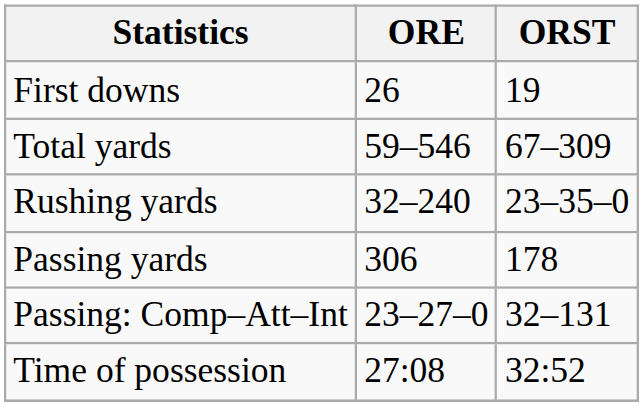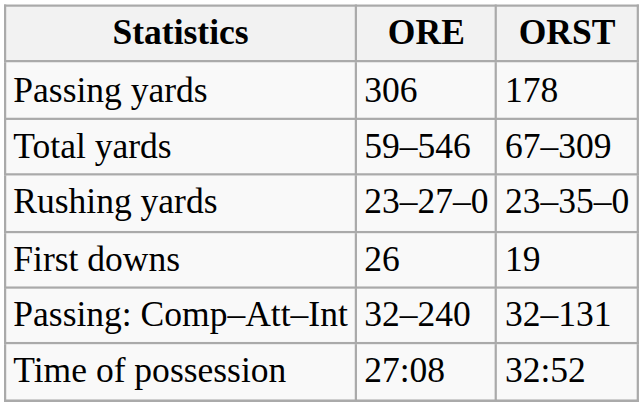 <table class="wikitable" style="float: left;">
 <tr>
 <th>Statistics</th>
 <th>ORE</th>
 <th>ORST</th>
 </tr>
 <tr>
-<td>First downs</td>
-<td>26</td>
-<td>19</td>
+<td>Passing yards</td>
+<td>306</td>
+<td>178</td>
 </tr>
 <tr>
 <td>Total yards</td>
 <td>59–546</td>
 <td>67–309</td>
 </tr>
 <tr>
 <td>Rushing yards</td>
-<td>32–240</td>
+<td>23–27–0</td>
 <td>23–35–0</td>
 </tr>
 <tr>
-<td>Passing yards</td>
-<td>306</td>
-<td>178</td>
+<td>First downs</td>
+<td>26</td>
+<td>19</td>
 </tr>
 <tr>
 <td>Passing: Comp–Att–Int</td>
-<td>23–27–0</td>
+<td>32–240</td>
 <td>32–131</td>
 </tr>
 <tr>
 <td>Time of possession</td>
 <td>27:08</td>
 <td>32:52</td>
 </tr>
 <tr>
 </tr>
 </table>
